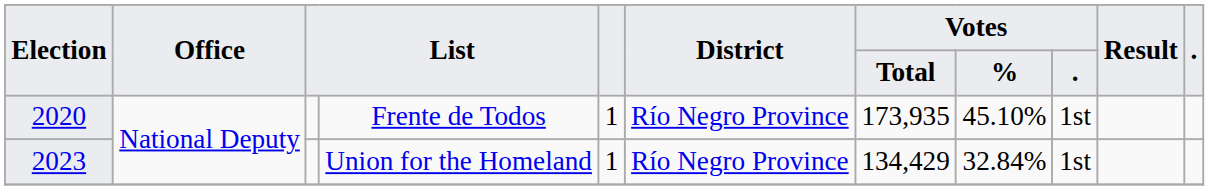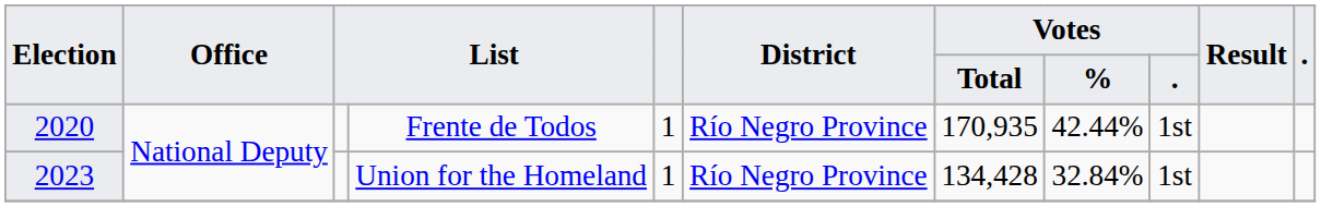 <table class="wikitable" style="font-size:90%; text-align:center;">
 <tr>
 <th style="background-color:#EAECF0;" rowspan=2>Election</th>
 <th style="background-color:#EAECF0;" rowspan=2>Office</th>
 <th style="background-color:#EAECF0;" colspan=2 rowspan=2>List</th>
 <th style="background-color:#EAECF0;" rowspan=2></th>
 <th style="background-color:#EAECF0;" rowspan=2>District</th>
 <th style="background-color:#EAECF0;" colspan=3>Votes</th>
 <th style="background-color:#EAECF0;" rowspan=2>Result</th>
 <th style="background-color:#EAECF0;" rowspan=2>.</th>
 </tr>
 <tr>
 <th style="background-color:#EAECF0;">Total</th>
 <th style="background-color:#EAECF0;">%</th>
 <th style="background-color:#EAECF0;">.</th>
 </tr>
 <tr>
 <td style="background-color:#EAECF0;"><a href='#'>2020</a></td>
 <td rowspan="2"><a href='#'>National Deputy</a></td>
 <td style="background-color:"></td>
 <td><a href='#'>Frente de Todos</a></td>
 <td>1</td>
 <td><a href='#'>Río Negro Province</a></td>
-<td>173,935</td>
-<td>45.10%</td>
+<td>170,935</td>
+<td>42.44%</td>
 <td>1st</td>
 <td></td>
 <td></td>
 </tr>
 <tr>
 <td style="background-color:#EAECF0;"><a href='#'>2023</a></td>
 <td style="background-color:"></td>
 <td><a href='#'>Union for the Homeland</a></td>
 <td>1</td>
 <td><a href='#'>Río Negro Province</a></td>
-<td>134,429</td>
+<td>134,428</td>
 <td>32.84%</td>
 <td>1st</td>
 <td></td>
 <td></td>
 </tr>
 <tr>
 </tr>
 </table>
